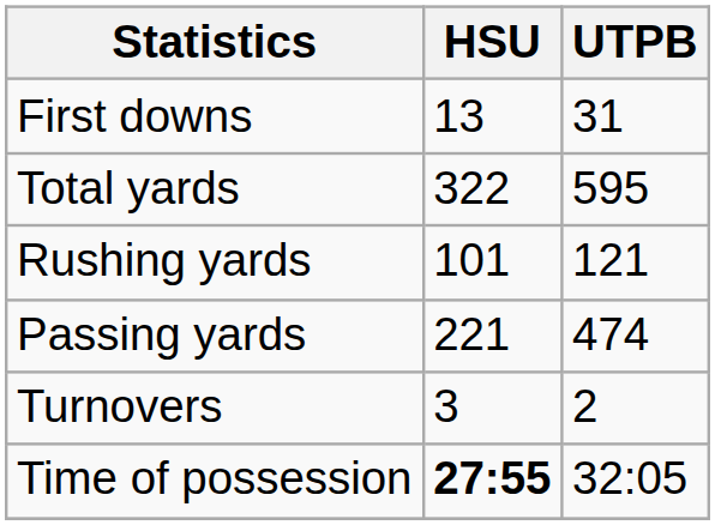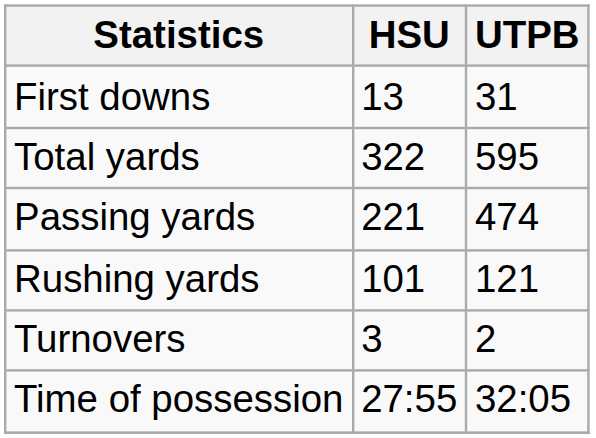 <table class="wikitable" style="float: left;">
 <tr>
 <th>Statistics</th>
 <th>HSU</th>
 <th>UTPB</th>
 </tr>
 <tr>
 <td>First downs</td>
 <td>13</td>
 <td>31</td>
 </tr>
 <tr>
 <td>Total yards</td>
 <td>322</td>
 <td>595</td>
 </tr>
 <tr>
+<td>Passing yards</td>
+<td>221</td>
+<td>474</td>
+</tr>
+<tr>
 <td>Rushing yards</td>
 <td>101</td>
 <td>121</td>
-</tr>
-<tr>
-<td>Passing yards</td>
-<td>221</td>
-<td>474</td>
 </tr>
 <tr>
 <td>Turnovers</td>
 <td>3</td>
 <td>2</td>
 </tr>
 <tr>
 <td>Time of possession</td>
-<td><strong>27:55</strong></td>
+<td>27:55</td>
 <td>32:05</td>
 </tr>
 <tr>
 </tr>
 </table>
